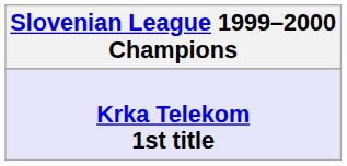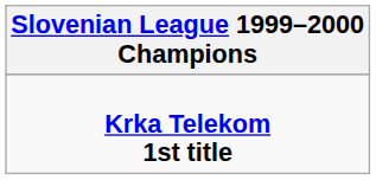 <table class="wikitable" style="text-align: center; margin: 0 auto;">
 <tr>
 <th><a href='#'>Slovenian League</a> 1999–2000<br>Champions</th>
 </tr>
 <tr>
 </tr>
 <tr>
-<td style="background: lavender;"> <br><strong><a href='#'>Krka Telekom</a></strong><br><strong>1st title</strong></td>
+<td> <br><strong><a href='#'>Krka Telekom</a></strong><br><strong>1st title</strong></td>
 </tr>
 </table>
